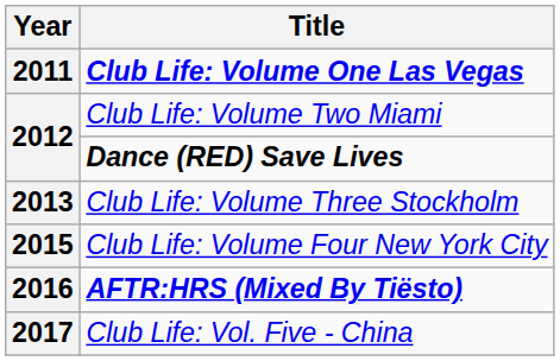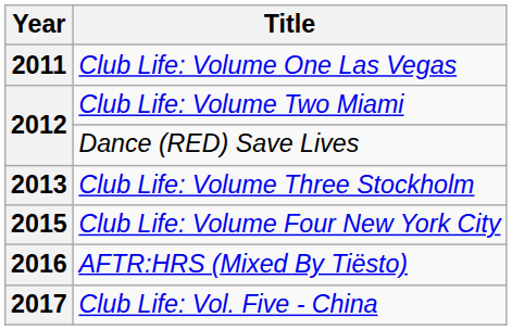 <table class="wikitable plainrowheaders">
 <tr>
 <th>Year</th>
 <th>Title</th>
 </tr>
 <tr>
 <th scope="row">2011</th>
-<td><strong><em><a href='#'>Club Life: Volume One Las Vegas</a></em></strong></td>
+<td><em><a href='#'>Club Life: Volume One Las Vegas</a></em></td>
 </tr>
 <tr>
 <th scope="row" rowspan="2">2012</th>
 <td><em><a href='#'>Club Life: Volume Two Miami</a></em></td>
 </tr>
 <tr>
-<td><strong><em>Dance (RED) Save Lives</em></strong></td>
+<td><em>Dance (RED) Save Lives</em></td>
 </tr>
 <tr>
 <th scope="row">2013</th>
 <td><em><a href='#'>Club Life: Volume Three Stockholm</a></em></td>
 </tr>
 <tr>
 <th scope="row">2015</th>
 <td><em><a href='#'>Club Life: Volume Four New York City</a></em></td>
 </tr>
 <tr>
 <th scope="row">2016</th>
-<td><strong><em><a href='#'>AFTR:HRS (Mixed By Tiësto)</a></em></strong></td>
+<td><em><a href='#'>AFTR:HRS (Mixed By Tiësto)</a></em></td>
 </tr>
 <tr>
 <th scope="row">2017</th>
 <td><em><a href='#'>Club Life: Vol. Five - China</a></em></td>
 </tr>
 </table>
